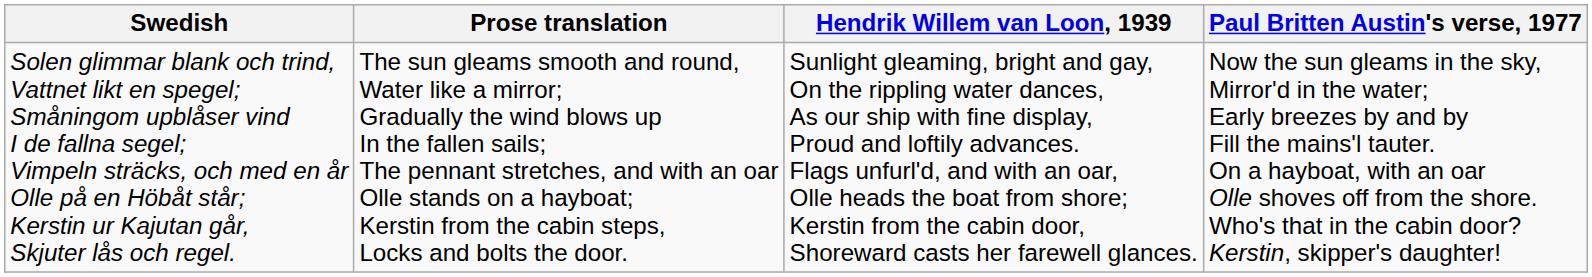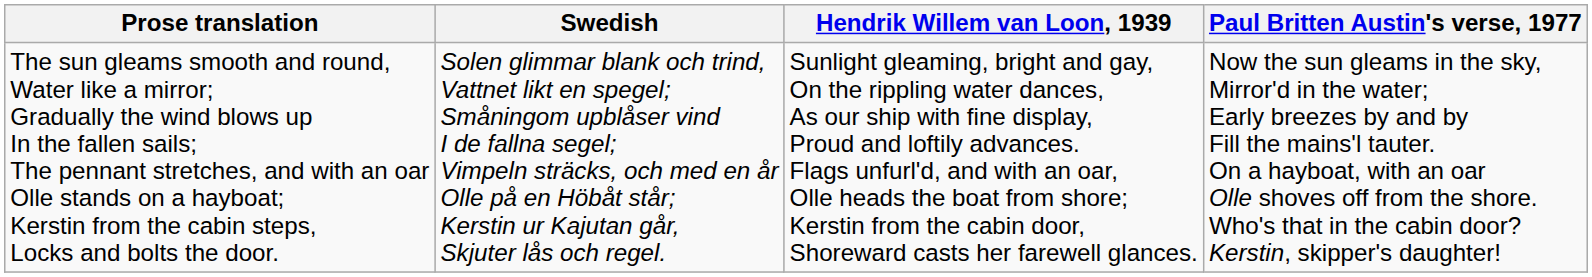 <table class="wikitable">
 <tr>
+<th>Prose translation</th>
 <th>Swedish</th>
-<th>Prose translation</th>
 <th><a href='#'>Hendrik Willem van Loon</a>, 1939</th>
 <th><a href='#'>Paul Britten Austin</a>'s verse, 1977</th>
 </tr>
 <tr>
+<td>The sun gleams smooth and round,<br>Water like a mirror;<br>Gradually the wind blows up<br>In the fallen sails;<br>The pennant stretches, and with an oar<br>Olle stands on a hayboat;<br>Kerstin from the cabin steps,<br>Locks and bolts the door.</td>
 <td><em>Solen glimmar blank och trind,<br>Vattnet likt en spegel;<br>Småningom upblåser vind<br>I de fallna segel;<br>Vimpeln sträcks, och med en år<br>Olle på en Höbåt står;<br>Kerstin ur Kajutan går,<br>Skjuter lås och regel.</em></td>
-<td>The sun gleams smooth and round,<br>Water like a mirror;<br>Gradually the wind blows up<br>In the fallen sails;<br>The pennant stretches, and with an oar<br>Olle stands on a hayboat;<br>Kerstin from the cabin steps,<br>Locks and bolts the door.</td>
 <td>Sunlight gleaming, bright and gay,<br>On the rippling water dances,<br>As our ship with fine display,<br>Proud and loftily advances.<br>Flags unfurl'd, and with an oar,<br>Olle heads the boat from shore;<br>Kerstin from the cabin door,<br>Shoreward casts her farewell glances.</td>
 <td>Now the sun gleams in the sky,<br> Mirror'd in the water;<br> Early breezes by and by<br> Fill the mains'l tauter.<br> On a hayboat, with an oar<br> <em>Olle</em> shoves off from the shore.<br> Who's that in the cabin door?<br> <em>Kerstin</em>, skipper's daughter!</td>
 </tr>
 </table>
